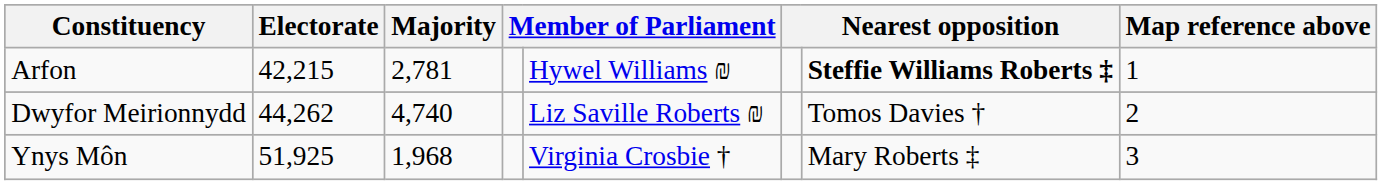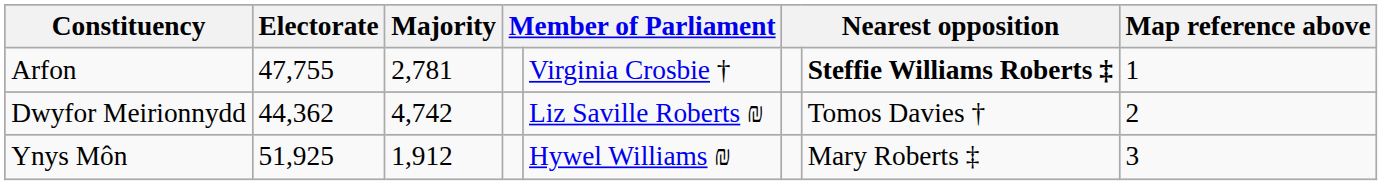 <table class="wikitable sortable">
 <tr>
 <th rowspan=1>Constituency</th>
 <th rowspan=1>Electorate</th>
 <th rowspan=1>Majority</th>
 <th colspan=2 class=unsortable><a href='#'>Member of Parliament</a></th>
 <th colspan=2 class=unsortable>Nearest opposition<br></th>
 <th rowspan=1 class=unsortable>Map reference above</th>
 </tr>
 <tr>
 <td>Arfon</td>
-<td>42,215</td>
+<td>47,755</td>
 <td>2,781</td>
 <td bgcolor=> </td>
-<td><a href='#'>Hywel Williams</a> ₪</td>
+<td><a href='#'>Virginia Crosbie</a> †</td>
 <td style="color:inherit;background:"> </td>
 <td><strong>Steffie Williams Roberts ‡</strong></td>
 <td>1</td>
 </tr>
 <tr>
 <td>Dwyfor Meirionnydd</td>
-<td>44,262</td>
-<td>4,740</td>
+<td>44,362</td>
+<td>4,742</td>
 <td bgcolor=> </td>
 <td><a href='#'>Liz Saville Roberts</a> ₪</td>
 <td style="color:inherit;background:"> </td>
 <td>Tomos Davies †</td>
 <td>2</td>
 </tr>
 <tr>
 <td>Ynys Môn</td>
 <td>51,925</td>
-<td>1,968</td>
+<td>1,912</td>
 <td style="color:inherit;background:"> </td>
-<td><a href='#'>Virginia Crosbie</a> †</td>
+<td><a href='#'>Hywel Williams</a> ₪</td>
 <td style="color:inherit;background:"> </td>
 <td>Mary Roberts ‡</td>
 <td>3</td>
 </tr>
 </table>
